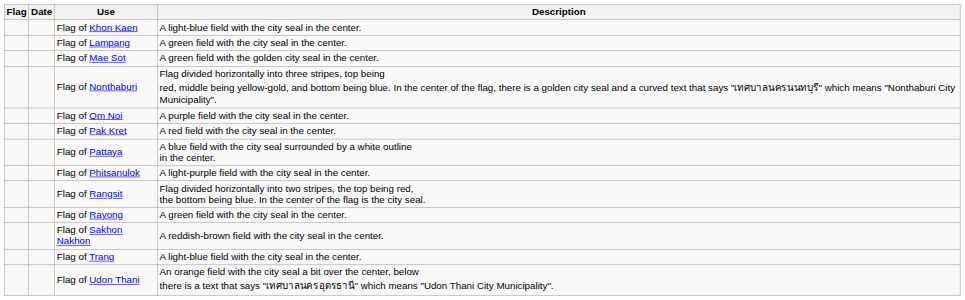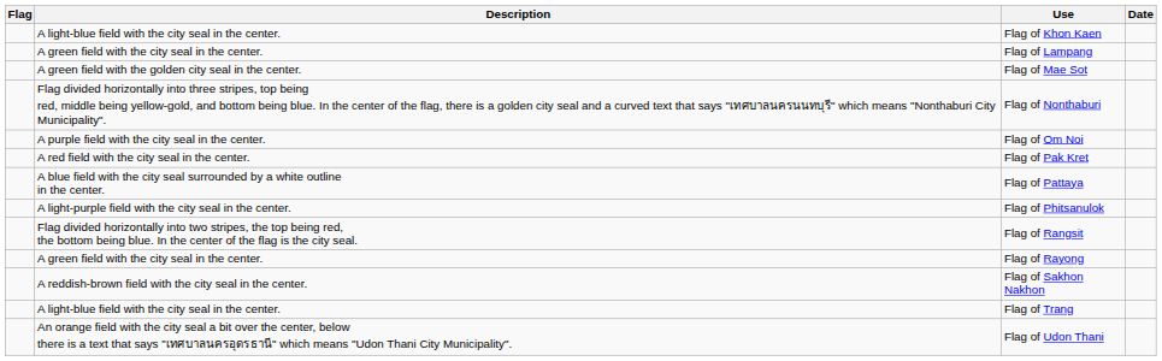 <table class="wikitable">
 <tr>
 <th>Flag</th>
+<th>Description</th>
+<th>Use</th>
 <th>Date</th>
-<th>Use</th>
-<th>Description</th>
 </tr>
 <tr>
 <td></td>
+<td>A light-blue field with the city seal in the center.</td>
+<td>Flag of <a href='#'>Khon Kaen</a></td>
 <td></td>
-<td>Flag of <a href='#'>Khon Kaen</a></td>
-<td>A light-blue field with the city seal in the center.</td>
 </tr>
 <tr>
 <td></td>
+<td>A green field with the city seal in the center.</td>
+<td>Flag of <a href='#'>Lampang</a></td>
 <td></td>
-<td>Flag of <a href='#'>Lampang</a></td>
-<td>A green field with the city seal in the center.</td>
 </tr>
 <tr>
 <td></td>
+<td>A green field with the golden city seal in the center.</td>
+<td>Flag of <a href='#'>Mae Sot</a></td>
 <td></td>
-<td>Flag of <a href='#'>Mae Sot</a></td>
-<td>A green field with the golden city seal in the center.</td>
 </tr>
 <tr>
 <td></td>
+<td>Flag divided horizontally into three stripes, top being<br>red, middle being yellow-gold, and bottom being blue. In the center of the flag, there is a golden city seal and a curved text that says "เทศบาลนครนนทบุรี" which means "Nonthaburi City Municipality".</td>
+<td>Flag of <a href='#'>Nonthaburi</a></td>
 <td></td>
-<td>Flag of <a href='#'>Nonthaburi</a></td>
-<td>Flag divided horizontally into three stripes, top being<br>red, middle being yellow-gold, and bottom being blue. In the center of the flag, there is a golden city seal and a curved text that says "เทศบาลนครนนทบุรี" which means "Nonthaburi City Municipality".</td>
 </tr>
 <tr>
 <td></td>
+<td>A purple field with the city seal in the center.</td>
+<td>Flag of <a href='#'>Om Noi</a></td>
 <td></td>
-<td>Flag of <a href='#'>Om Noi</a></td>
-<td>A purple field with the city seal in the center.</td>
 </tr>
 <tr>
 <td></td>
+<td>A red field with the city seal in the center.</td>
+<td>Flag of <a href='#'>Pak Kret</a></td>
 <td></td>
-<td>Flag of <a href='#'>Pak Kret</a></td>
-<td>A red field with the city seal in the center.</td>
 </tr>
 <tr>
 <td></td>
+<td>A blue field with the city seal surrounded by a white outline<br>in the center.</td>
+<td>Flag of <a href='#'>Pattaya</a></td>
 <td></td>
-<td>Flag of <a href='#'>Pattaya</a></td>
-<td>A blue field with the city seal surrounded by a white outline<br>in the center.</td>
 </tr>
 <tr>
 <td></td>
+<td>A light-purple field with the city seal in the center.</td>
+<td>Flag of <a href='#'>Phitsanulok</a></td>
 <td></td>
-<td>Flag of <a href='#'>Phitsanulok</a></td>
-<td>A light-purple field with the city seal in the center.</td>
 </tr>
 <tr>
 <td></td>
+<td>Flag divided horizontally into two stripes, the top being red,<br>the bottom being blue. In the center of the flag is the city seal.</td>
+<td>Flag of <a href='#'>Rangsit</a></td>
 <td></td>
-<td>Flag of <a href='#'>Rangsit</a></td>
-<td>Flag divided horizontally into two stripes, the top being red,<br>the bottom being blue. In the center of the flag is the city seal.</td>
 </tr>
 <tr>
 <td></td>
+<td>A green field with the city seal in the center.</td>
+<td>Flag of <a href='#'>Rayong</a></td>
 <td></td>
-<td>Flag of <a href='#'>Rayong</a></td>
-<td>A green field with the city seal in the center.</td>
 </tr>
 <tr>
 <td></td>
+<td>A reddish-brown field with the city seal in the center.</td>
+<td>Flag of <a href='#'>Sakhon Nakhon</a></td>
 <td></td>
-<td>Flag of <a href='#'>Sakhon Nakhon</a></td>
-<td>A reddish-brown field with the city seal in the center.</td>
 </tr>
 <tr>
 <td></td>
+<td>A light-blue field with the city seal in the center.</td>
+<td>Flag of <a href='#'>Trang</a></td>
 <td></td>
-<td>Flag of <a href='#'>Trang</a></td>
-<td>A light-blue field with the city seal in the center.</td>
 </tr>
 <tr>
 <td></td>
+<td>An orange field with the city seal a bit over the center, below<br>there is a text that says "เทศบาลนครอุดรธานี" which means "Udon Thani City Municipality".</td>
+<td>Flag of <a href='#'>Udon Thani</a></td>
 <td></td>
-<td>Flag of <a href='#'>Udon Thani</a></td>
-<td>An orange field with the city seal a bit over the center, below<br>there is a text that says "เทศบาลนครอุดรธานี" which means "Udon Thani City Municipality".</td>
 </tr>
 </table>
